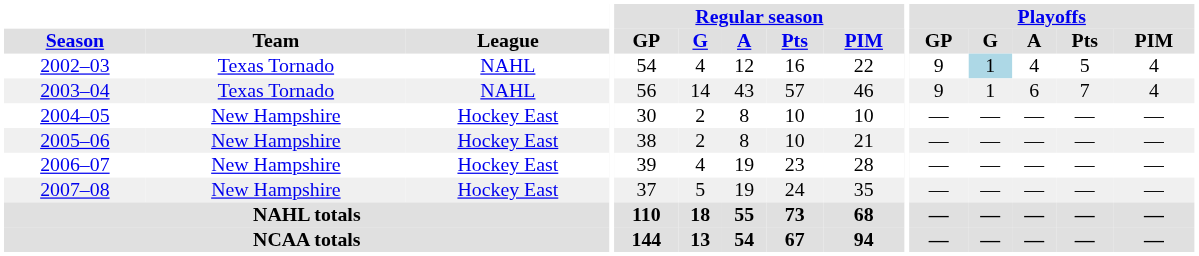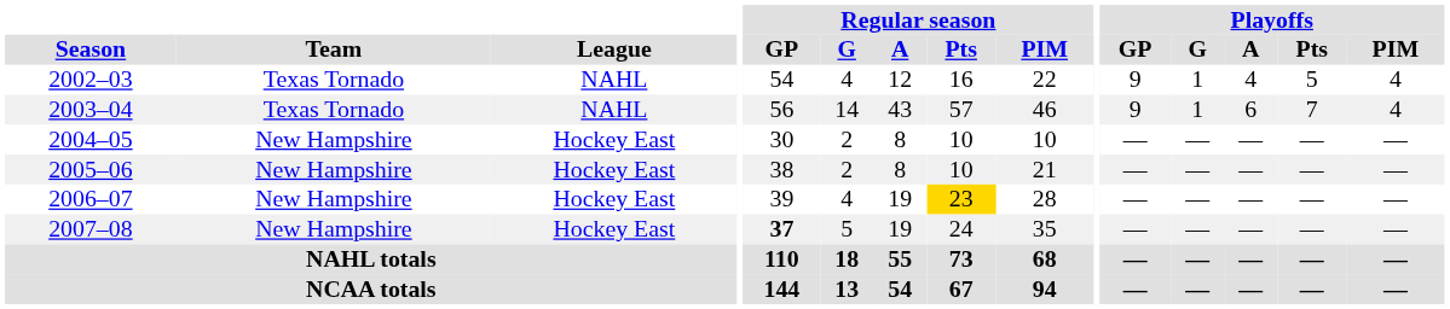 <table border="0" cellpadding="1" cellspacing="0" style="text-align:center; width:60em">
 <tr bgcolor="#e0e0e0">
 <th colspan="3" bgcolor="#ffffff"></th>
 <th rowspan="100" bgcolor="#ffffff"></th>
 <th colspan="5"><a href='#'>Regular season</a></th>
 <th rowspan="100" bgcolor="#ffffff"></th>
 <th colspan="5"><a href='#'>Playoffs</a></th>
 </tr>
 <tr bgcolor="#e0e0e0">
 <th><a href='#'>Season</a></th>
 <th>Team</th>
 <th>League</th>
 <th>GP</th>
 <th><a href='#'>G</a></th>
 <th><a href='#'>A</a></th>
 <th><a href='#'>Pts</a></th>
 <th><a href='#'>PIM</a></th>
 <th>GP</th>
 <th>G</th>
 <th>A</th>
 <th>Pts</th>
 <th>PIM</th>
 </tr>
 <tr>
 <td><a href='#'>2002–03</a></td>
 <td><a href='#'>Texas Tornado</a></td>
 <td><a href='#'>NAHL</a></td>
 <td>54</td>
 <td>4</td>
 <td>12</td>
 <td>16</td>
 <td>22</td>
 <td>9</td>
-<td style="background: lightblue;">1</td>
+<td>1</td>
 <td>4</td>
 <td>5</td>
 <td>4</td>
 </tr>
 <tr bgcolor="f0f0f0">
 <td><a href='#'>2003–04</a></td>
 <td><a href='#'>Texas Tornado</a></td>
 <td><a href='#'>NAHL</a></td>
 <td>56</td>
 <td>14</td>
 <td>43</td>
 <td>57</td>
 <td>46</td>
 <td>9</td>
 <td>1</td>
 <td>6</td>
 <td>7</td>
 <td>4</td>
 </tr>
 <tr>
 <td><a href='#'>2004–05</a></td>
 <td><a href='#'>New Hampshire</a></td>
 <td><a href='#'>Hockey East</a></td>
 <td>30</td>
 <td>2</td>
 <td>8</td>
 <td>10</td>
 <td>10</td>
 <td>—</td>
 <td>—</td>
 <td>—</td>
 <td>—</td>
 <td>—</td>
 </tr>
 <tr bgcolor="f0f0f0">
 <td><a href='#'>2005–06</a></td>
 <td><a href='#'>New Hampshire</a></td>
 <td><a href='#'>Hockey East</a></td>
 <td>38</td>
 <td>2</td>
 <td>8</td>
 <td>10</td>
 <td>21</td>
 <td>—</td>
 <td>—</td>
 <td>—</td>
 <td>—</td>
 <td>—</td>
 </tr>
 <tr>
 <td><a href='#'>2006–07</a></td>
 <td><a href='#'>New Hampshire</a></td>
 <td><a href='#'>Hockey East</a></td>
 <td>39</td>
 <td>4</td>
 <td>19</td>
-<td>23</td>
+<td style="background: gold;">23</td>
 <td>28</td>
 <td>—</td>
 <td>—</td>
 <td>—</td>
 <td>—</td>
 <td>—</td>
 </tr>
 <tr bgcolor="f0f0f0">
 <td><a href='#'>2007–08</a></td>
 <td><a href='#'>New Hampshire</a></td>
 <td><a href='#'>Hockey East</a></td>
-<td>37</td>
+<td><strong>37</strong></td>
 <td>5</td>
 <td>19</td>
 <td>24</td>
 <td>35</td>
 <td>—</td>
 <td>—</td>
 <td>—</td>
 <td>—</td>
 <td>—</td>
 </tr>
 <tr bgcolor="#e0e0e0">
 <th colspan="3">NAHL totals</th>
 <th>110</th>
 <th>18</th>
 <th>55</th>
 <th>73</th>
 <th>68</th>
 <th>—</th>
 <th>—</th>
 <th>—</th>
 <th>—</th>
 <th>—</th>
 </tr>
 <tr bgcolor="#e0e0e0">
 <th colspan="3">NCAA totals</th>
 <th>144</th>
 <th>13</th>
 <th>54</th>
 <th>67</th>
 <th>94</th>
 <th>—</th>
 <th>—</th>
 <th>—</th>
 <th>—</th>
 <th>—</th>
 </tr>
 </table>
